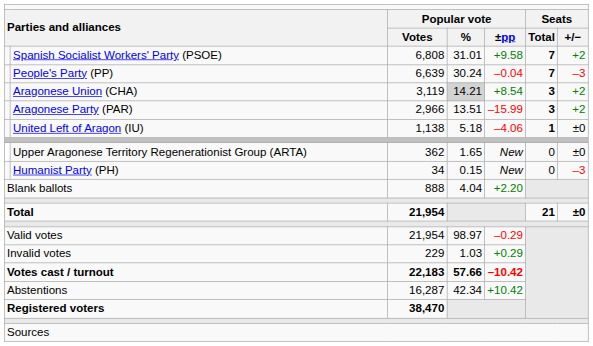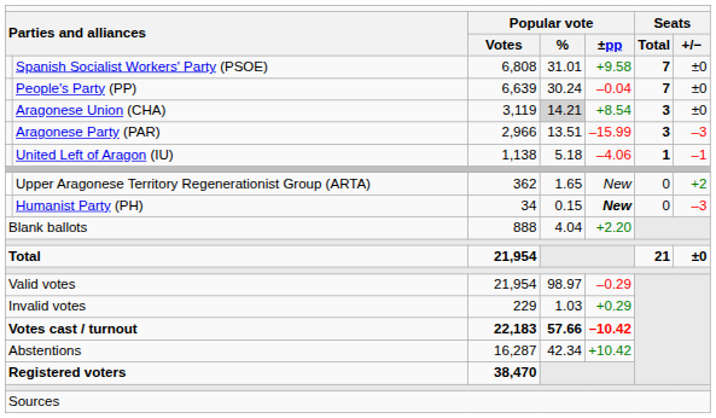 <table class="wikitable" style="text-align:right;">
 <tr>
 <td colspan="7"></td>
 </tr>
 <tr>
 <th style="text-align:left;" rowspan="2" colspan="2" width="525">Parties and alliances</th>
 <th colspan="3">Popular vote</th>
 <th colspan="2">Seats</th>
 </tr>
 <tr>
 <th width="75">Votes</th>
 <th width="45">%</th>
 <th width="45">±<a href='#'>pp</a></th>
 <th width="35">Total</th>
 <th width="35">+/−</th>
 </tr>
 <tr>
 <td width="1" style="color:inherit;background:"></td>
 <td align="left"><a href='#'>Spanish Socialist Workers' Party</a> (PSOE)</td>
 <td>6,808</td>
 <td>31.01</td>
 <td style="color:green;">+9.58</td>
 <td><strong>7</strong></td>
-<td style="color:green;">+2</td>
+<td>±0</td>
 </tr>
 <tr>
 <td style="color:inherit;background:"></td>
 <td align="left"><a href='#'>People's Party</a> (PP)</td>
 <td>6,639</td>
 <td>30.24</td>
 <td style="color:red;">–0.04</td>
 <td><strong>7</strong></td>
-<td style="color:red;">–3</td>
+<td>±0</td>
 </tr>
 <tr>
 <td style="color:inherit;background:"></td>
 <td align="left"><a href='#'>Aragonese Union</a> (CHA)</td>
 <td>3,119</td>
 <td style="background: lightgrey;">14.21</td>
 <td style="color:green;">+8.54</td>
 <td><strong>3</strong></td>
-<td style="color:green;">+2</td>
+<td>±0</td>
 </tr>
 <tr>
 <td style="color:inherit;background:"></td>
 <td align="left"><a href='#'>Aragonese Party</a> (PAR)</td>
 <td>2,966</td>
 <td>13.51</td>
 <td style="color:red;">–15.99</td>
 <td><strong>3</strong></td>
-<td style="color:green;">+2</td>
+<td style="color:red;">–3</td>
 </tr>
 <tr>
 <td style="color:inherit;background:"></td>
 <td align="left"><a href='#'>United Left of Aragon</a> (IU)</td>
 <td>1,138</td>
 <td>5.18</td>
 <td style="color:red;">–4.06</td>
 <td><strong>1</strong></td>
-<td>±0</td>
+<td style="color:red;">–1</td>
 </tr>
 <tr>
 <td colspan="7" bgcolor="#C0C0C0"></td>
 </tr>
 <tr>
 <td bgcolor="white"></td>
 <td align="left">Upper Aragonese Territory Regenerationist Group (ARTA)</td>
 <td>362</td>
 <td>1.65</td>
 <td><em>New</em></td>
 <td>0</td>
-<td>±0</td>
+<td style="color:green;">+2</td>
 </tr>
 <tr>
 <td style="color:inherit;background:"></td>
 <td align="left"><a href='#'>Humanist Party</a> (PH)</td>
 <td>34</td>
 <td>0.15</td>
-<td><em>New</em></td>
+<td><strong><em>New</em></strong></td>
 <td>0</td>
 <td style="color:red;">–3</td>
 </tr>
 <tr>
 <td align="left" colspan="2">Blank ballots</td>
 <td>888</td>
 <td>4.04</td>
 <td style="color:green;">+2.20</td>
 <td bgcolor="#E9E9E9" colspan="2"></td>
 </tr>
 <tr>
 <td colspan="7" bgcolor="#E9E9E9"></td>
 </tr>
 <tr style="font-weight:bold;">
 <td align="left" colspan="2">Total</td>
 <td>21,954</td>
 <td bgcolor="#E9E9E9" colspan="2"></td>
 <td>21</td>
 <td>±0</td>
 </tr>
 <tr>
 <td colspan="7" bgcolor="#E9E9E9"></td>
 </tr>
 <tr>
 <td align="left" colspan="2">Valid votes</td>
 <td>21,954</td>
 <td>98.97</td>
 <td style="color:red;">–0.29</td>
 <td bgcolor="#E9E9E9" colspan="2" rowspan="5"></td>
 </tr>
 <tr>
 <td align="left" colspan="2">Invalid votes</td>
 <td>229</td>
 <td>1.03</td>
 <td style="color:green;">+0.29</td>
 </tr>
 <tr style="font-weight:bold;">
 <td align="left" colspan="2">Votes cast / turnout</td>
 <td>22,183</td>
 <td>57.66</td>
 <td style="color:red;">–10.42</td>
 </tr>
 <tr>
 <td align="left" colspan="2">Abstentions</td>
 <td>16,287</td>
 <td>42.34</td>
 <td style="color:green;">+10.42</td>
 </tr>
 <tr style="font-weight:bold;">
 <td align="left" colspan="2">Registered voters</td>
 <td>38,470</td>
 <td bgcolor="#E9E9E9" colspan="2"></td>
 </tr>
 <tr>
 <td colspan="7" bgcolor="#E9E9E9"></td>
 </tr>
 <tr>
 <td align="left" colspan="7">Sources</td>
 </tr>
 </table>
